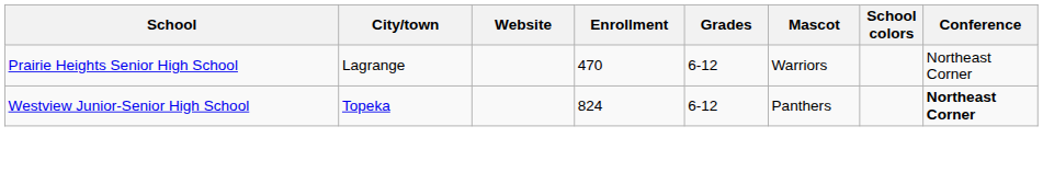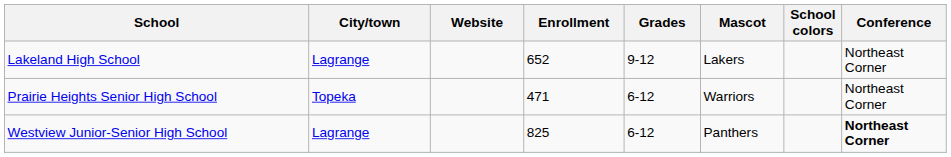 <table class="wikitable sortable" width="70%">
 <tr>
 <th width="20%">School</th>
 <th width="08%">City/town</th>
 <th width="06%">Website</th>
 <th width="04%">Enrollment</th>
 <th width="04%">Grades</th>
 <th width="04%">Mascot</th>
 <th width=01%>School colors</th>
 <th width="04%">Conference</th>
 </tr>
 <tr>
+<td><a href='#'>Lakeland High School</a></td>
+<td><a href='#'>Lagrange</a></td>
+<td></td>
+<td>652</td>
+<td>9-12</td>
+<td>Lakers</td>
+<td>  </td>
+<td>Northeast Corner</td>
+</tr>
+<tr>
 <td><a href='#'>Prairie Heights Senior High School</a></td>
-<td>Lagrange</td>
+<td><a href='#'>Topeka</a></td>
 <td></td>
-<td>470</td>
+<td>471</td>
 <td>6-12</td>
 <td>Warriors</td>
 <td>  </td>
 <td>Northeast Corner</td>
 </tr>
 <tr>
 <td><a href='#'>Westview Junior-Senior High School</a></td>
-<td><a href='#'>Topeka</a></td>
+<td><a href='#'>Lagrange</a></td>
 <td></td>
-<td>824</td>
+<td>825</td>
 <td>6-12</td>
 <td>Panthers</td>
 <td>  </td>
 <td><strong>Northeast Corner</strong></td>
 </tr>
 </table>
